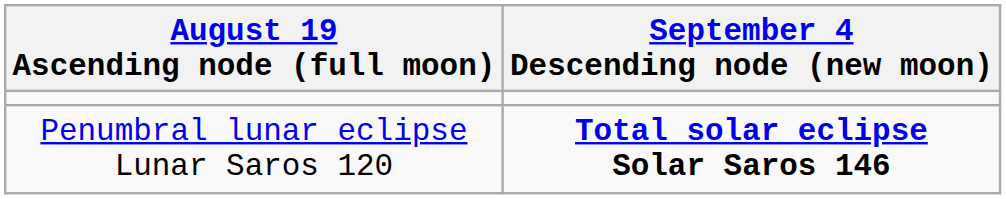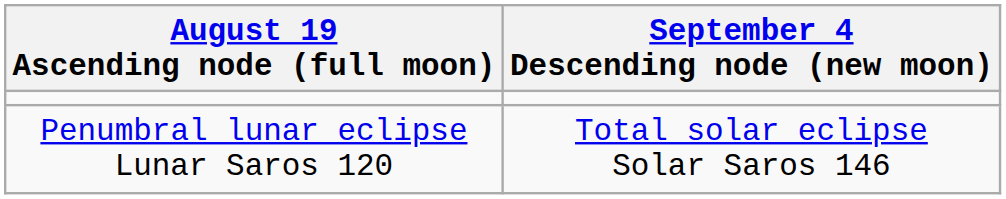 <table class="wikitable">
 <tr>
 <th><a href='#'>August 19</a><br>Ascending node (full moon)<br></th>
 <th><a href='#'>September 4</a><br>Descending node (new moon)<br></th>
 </tr>
 <tr>
 <td></td>
 <td></td>
 </tr>
 <tr align=center>
 <td><a href='#'>Penumbral lunar eclipse</a><br>Lunar Saros 120</td>
-<td><strong><a href='#'>Total solar eclipse</a><br>Solar Saros 146</strong></td>
+<td><a href='#'>Total solar eclipse</a><br>Solar Saros 146</td>
 </tr>
 </table>
